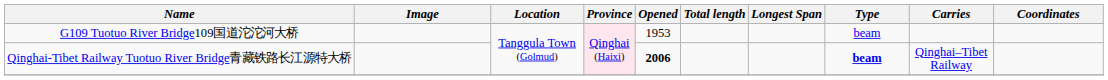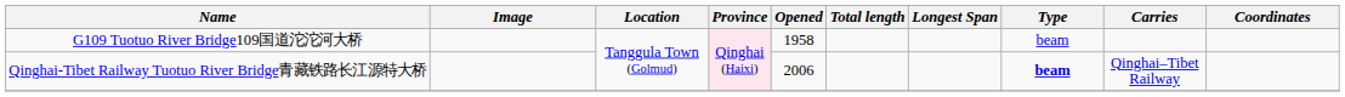 <table class="wikitable sortable" style="cell-padding:1.5; font-size:90%; text-align:center; line-height:1.05">
 <tr>
 <th><em>Name</em></th>
 <th class="unsortable" scope="col" style="width:150px;"><em>Image</em></th>
 <th +"align=bottom" width="100"><em>Location</em></th>
 <th +"align=bottom"><em>Province</em></th>
 <th +"align=bottom" data-sort-type="number"><em>Opened</em></th>
 <th data-sort-type="number"><em>Total length</em></th>
 <th data-sort-type="number"><em>Longest Span</em></th>
 <th width="90"><em>Type</em></th>
 <th +"align=bottom" class="unsortable" style="width:90px"><em>Carries</em></th>
 <th scope="col" style="width:120px;"><em>Coordinates</em></th>
 </tr>
 <tr>
 <td><a href='#'>G109 Tuotuo River Bridge</a>109国道沱沱河大桥</td>
 <td></td>
 <td rowspan="2"><a href='#'>Tanggula Town</a><br><small>(<a href='#'>Golmud</a>)</small></td>
 <td style="background:#FFE6EE" rowspan=2><a href='#'>Qinghai</a><br><small>(<a href='#'>Haixi</a>)</small></td>
-<td>1953<br></td>
+<td>1958<br></td>
 <td></td>
 <td></td>
 <td><a href='#'>beam</a></td>
 <td></td>
 <td></td>
 </tr>
 <tr>
 <td><a href='#'>Qinghai-Tibet Railway Tuotuo River Bridge</a>青藏铁路长江源特大桥</td>
 <td></td>
-<td><strong>2006<br></strong></td>
+<td>2006<br></td>
 <td></td>
 <td></td>
 <td><strong><a href='#'>beam</a></strong></td>
 <td><a href='#'>Qinghai–Tibet Railway</a></td>
 <td></td>
 </tr>
 <tr>
 </tr>
 </table>
